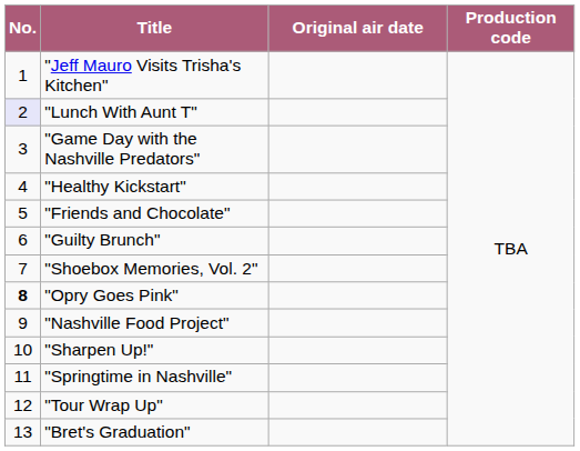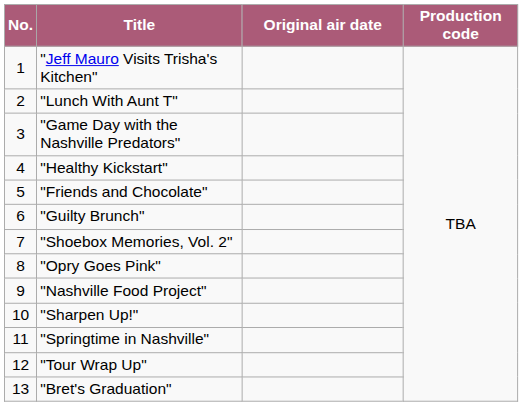 <table class="wikitable plainrowheaders" style="width:60%;">
 <tr>
 <th style="background-color: #ab5b78; color: #FFFFFF;" width=5%>No.</th>
 <th style="background-color: #ab5b78; color: #FFFFFF;" width=40%>Title</th>
 <th style="background-color: #ab5b78; color: #FFFFFF;">Original air date</th>
 <th style="background-color: #ab5b78; color: #FFFFFF;">Production<br>code</th>
 </tr>
 <tr>
 <td align=center>1</td>
 <td>"<a href='#'>Jeff Mauro</a> Visits Trisha's Kitchen"</td>
 <td align=center></td>
 <td align=center rowspan=13>TBA</td>
 </tr>
 <tr>
-<td align=center style="background: lavender;">2</td>
+<td align=center>2</td>
 <td>"Lunch With Aunt T"</td>
 <td align=center></td>
 </tr>
 <tr>
 <td align=center>3</td>
 <td>"Game Day with the Nashville Predators"</td>
 <td align=center></td>
 </tr>
 <tr>
 <td align=center>4</td>
 <td>"Healthy Kickstart"</td>
 <td align=center></td>
 </tr>
 <tr>
 <td align=center>5</td>
 <td>"Friends and Chocolate"</td>
 <td align=center></td>
 </tr>
 <tr>
 <td align=center>6</td>
 <td>"Guilty Brunch"</td>
 <td align=center></td>
 </tr>
 <tr>
 <td align=center>7</td>
 <td>"Shoebox Memories, Vol. 2"</td>
 <td align=center></td>
 </tr>
 <tr>
-<td align=center><strong>8</strong></td>
+<td align=center>8</td>
 <td>"Opry Goes Pink"</td>
 <td align=center></td>
 </tr>
 <tr>
 <td align=center>9</td>
 <td>"Nashville Food Project"</td>
 <td align=center></td>
 </tr>
 <tr>
 <td align=center>10</td>
 <td>"Sharpen Up!"</td>
 <td align=center></td>
 </tr>
 <tr>
 <td align=center>11</td>
 <td>"Springtime in Nashville"</td>
 <td align=center></td>
 </tr>
 <tr>
 <td align=center>12</td>
 <td>"Tour Wrap Up"</td>
 <td align=center></td>
 </tr>
 <tr>
 <td align=center>13</td>
 <td>"Bret's Graduation"</td>
 <td align=center></td>
 </tr>
 </table>
